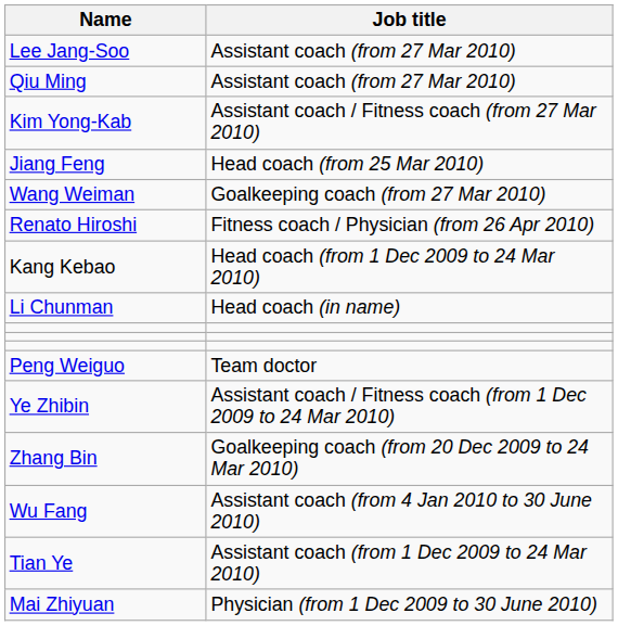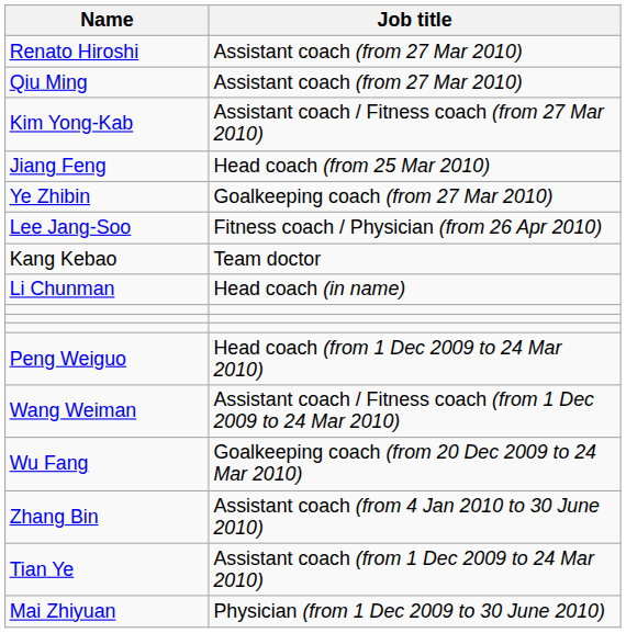 <table class="wikitable">
 <tr>
 <th width=160>Name</th>
 <th width=330>Job title</th>
 </tr>
 <tr>
-<td> <a href='#'>Lee Jang-Soo</a></td>
+<td> <a href='#'>Renato Hiroshi</a></td>
 <td>Assistant coach <em>(from 27 Mar 2010)</em></td>
 </tr>
 <tr>
 <td> <a href='#'>Qiu Ming</a></td>
 <td>Assistant coach <em>(from 27 Mar 2010)</em></td>
 </tr>
 <tr>
 <td> <a href='#'>Kim Yong-Kab</a></td>
 <td>Assistant coach / Fitness coach <em>(from 27 Mar 2010)</em></td>
 </tr>
 <tr>
 <td> <a href='#'>Jiang Feng</a></td>
 <td>Head coach <em>(from 25 Mar 2010)</em></td>
 </tr>
 <tr>
-<td> <a href='#'>Wang Weiman</a></td>
+<td> <a href='#'>Ye Zhibin</a></td>
 <td>Goalkeeping coach <em>(from 27 Mar 2010)</em></td>
 </tr>
 <tr>
-<td> <a href='#'>Renato Hiroshi</a></td>
+<td> <a href='#'>Lee Jang-Soo</a></td>
 <td>Fitness coach / Physician <em>(from 26 Apr 2010)</em></td>
 </tr>
 <tr>
 <td> Kang Kebao</td>
-<td>Head coach <em>(from 1 Dec 2009 to 24 Mar 2010)</em></td>
+<td>Team doctor</td>
 </tr>
 <tr>
 <td> <a href='#'>Li Chunman</a></td>
 <td>Head coach <em>(in name)</em></td>
 </tr>
 <tr>
 <td></td>
 <td></td>
 </tr>
 <tr>
 <td></td>
 <td></td>
 </tr>
 <tr>
 <td></td>
 <td></td>
 </tr>
 <tr>
 <td> <a href='#'>Peng Weiguo</a></td>
-<td>Team doctor</td>
+<td>Head coach <em>(from 1 Dec 2009 to 24 Mar 2010)</em></td>
 </tr>
 <tr>
-<td> <a href='#'>Ye Zhibin</a></td>
+<td> <a href='#'>Wang Weiman</a></td>
 <td>Assistant coach / Fitness coach <em>(from 1 Dec 2009 to 24 Mar 2010)</em></td>
 </tr>
 <tr>
-<td> <a href='#'>Zhang Bin</a></td>
+<td> <a href='#'>Wu Fang</a></td>
 <td>Goalkeeping coach <em>(from 20 Dec 2009 to 24 Mar 2010)</em></td>
 </tr>
 <tr>
-<td> <a href='#'>Wu Fang</a></td>
+<td> <a href='#'>Zhang Bin</a></td>
 <td>Assistant coach <em>(from 4 Jan 2010 to 30 June 2010)</em></td>
 </tr>
 <tr>
 <td> <a href='#'>Tian Ye</a></td>
 <td>Assistant coach <em>(from 1 Dec 2009 to 24 Mar 2010)</em></td>
 </tr>
 <tr>
 <td> <a href='#'>Mai Zhiyuan</a></td>
 <td>Physician <em>(from 1 Dec 2009 to 30 June 2010)</em></td>
 </tr>
 </table>
